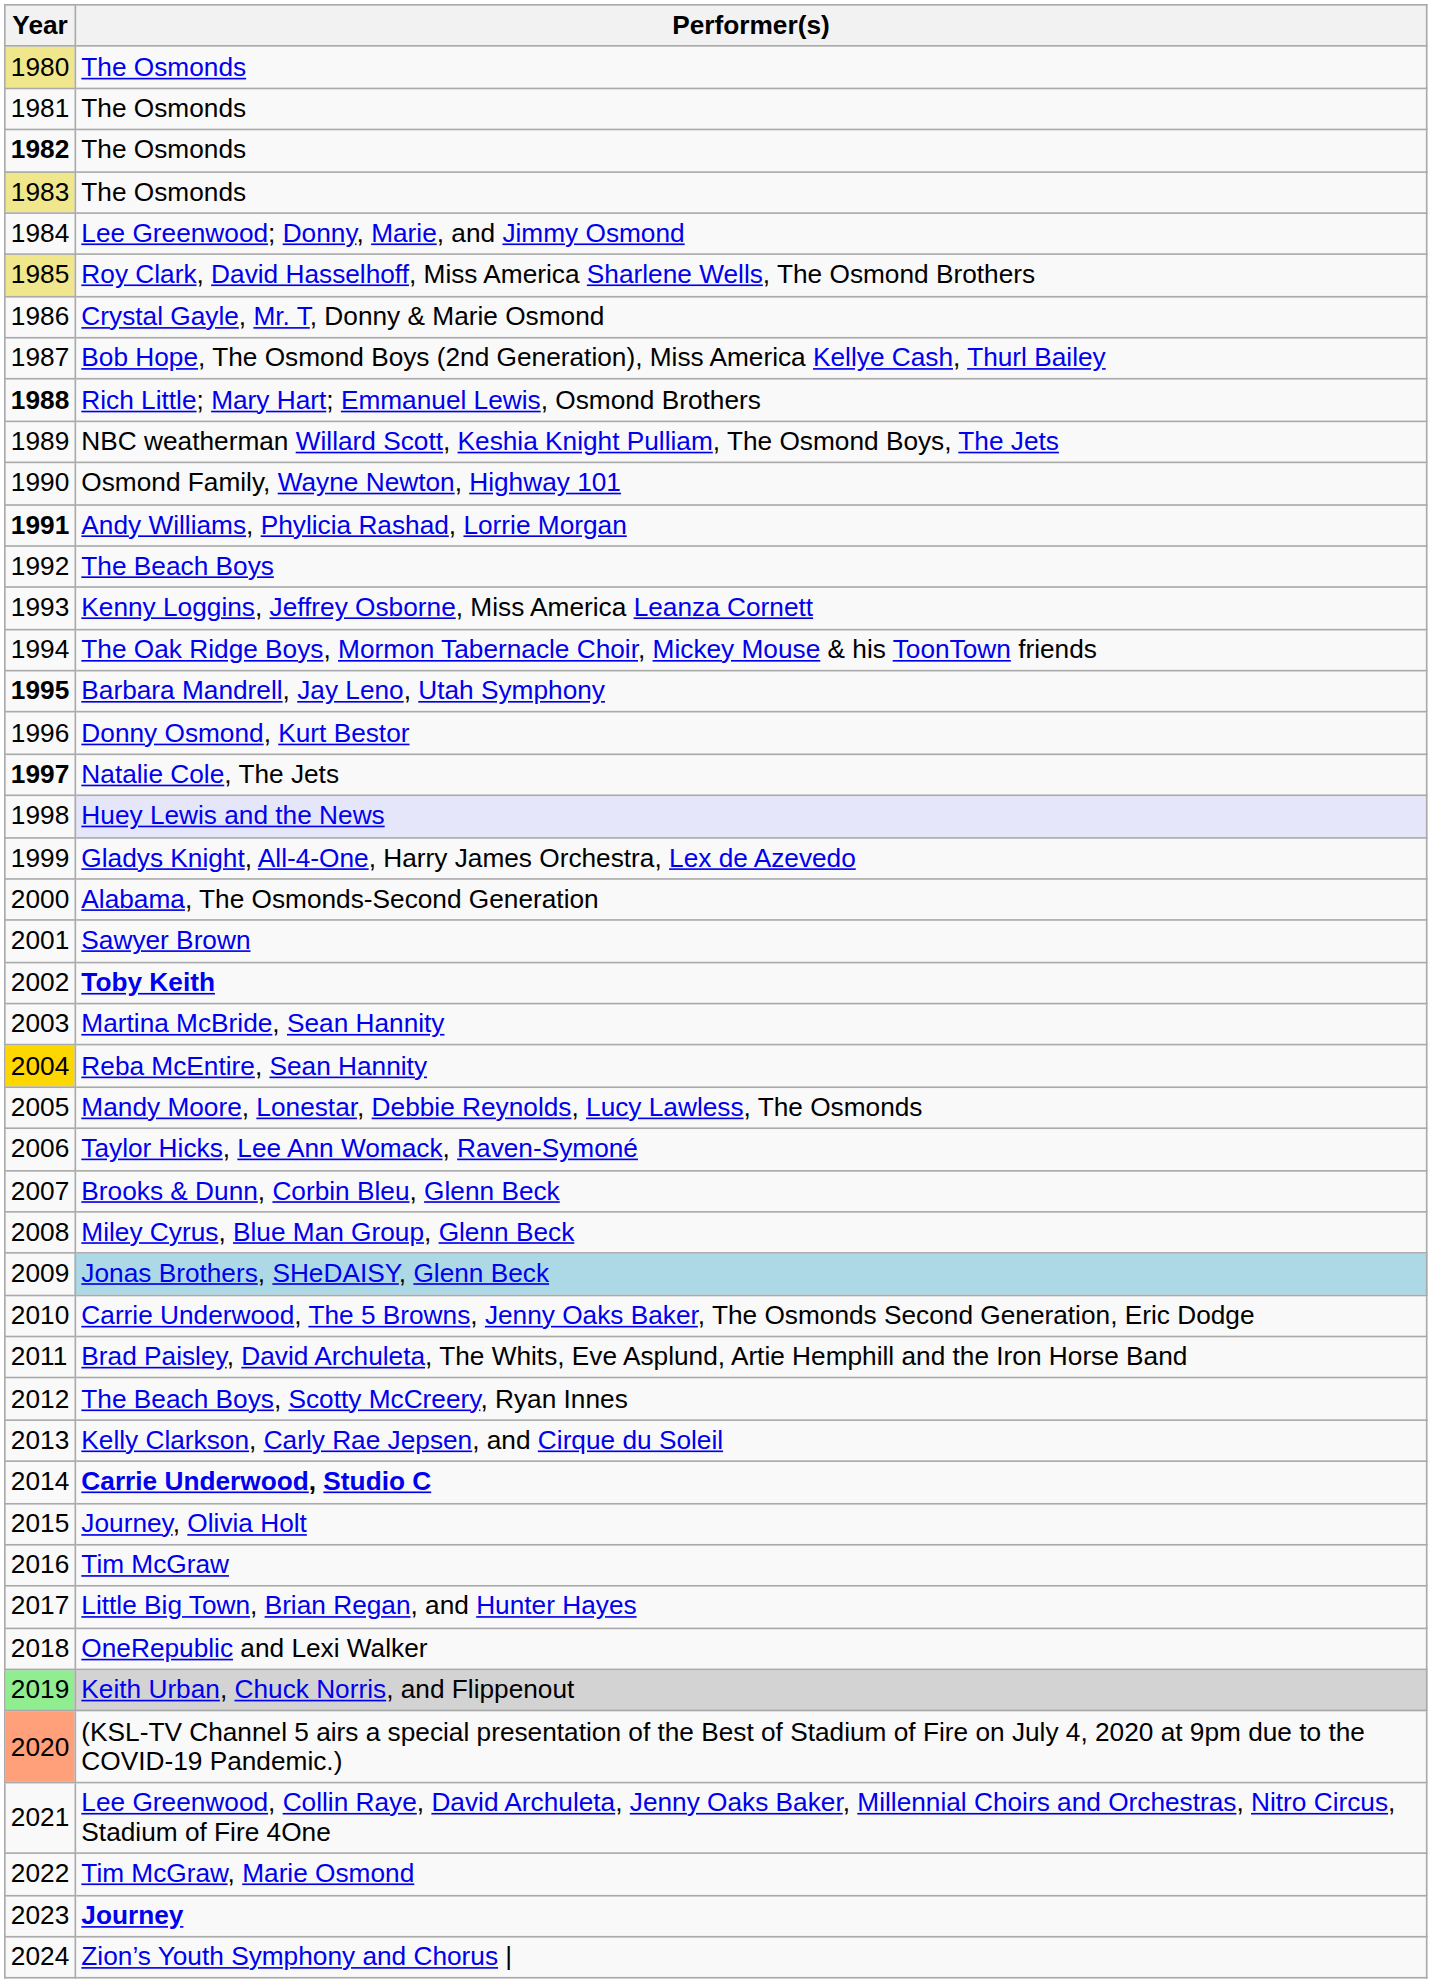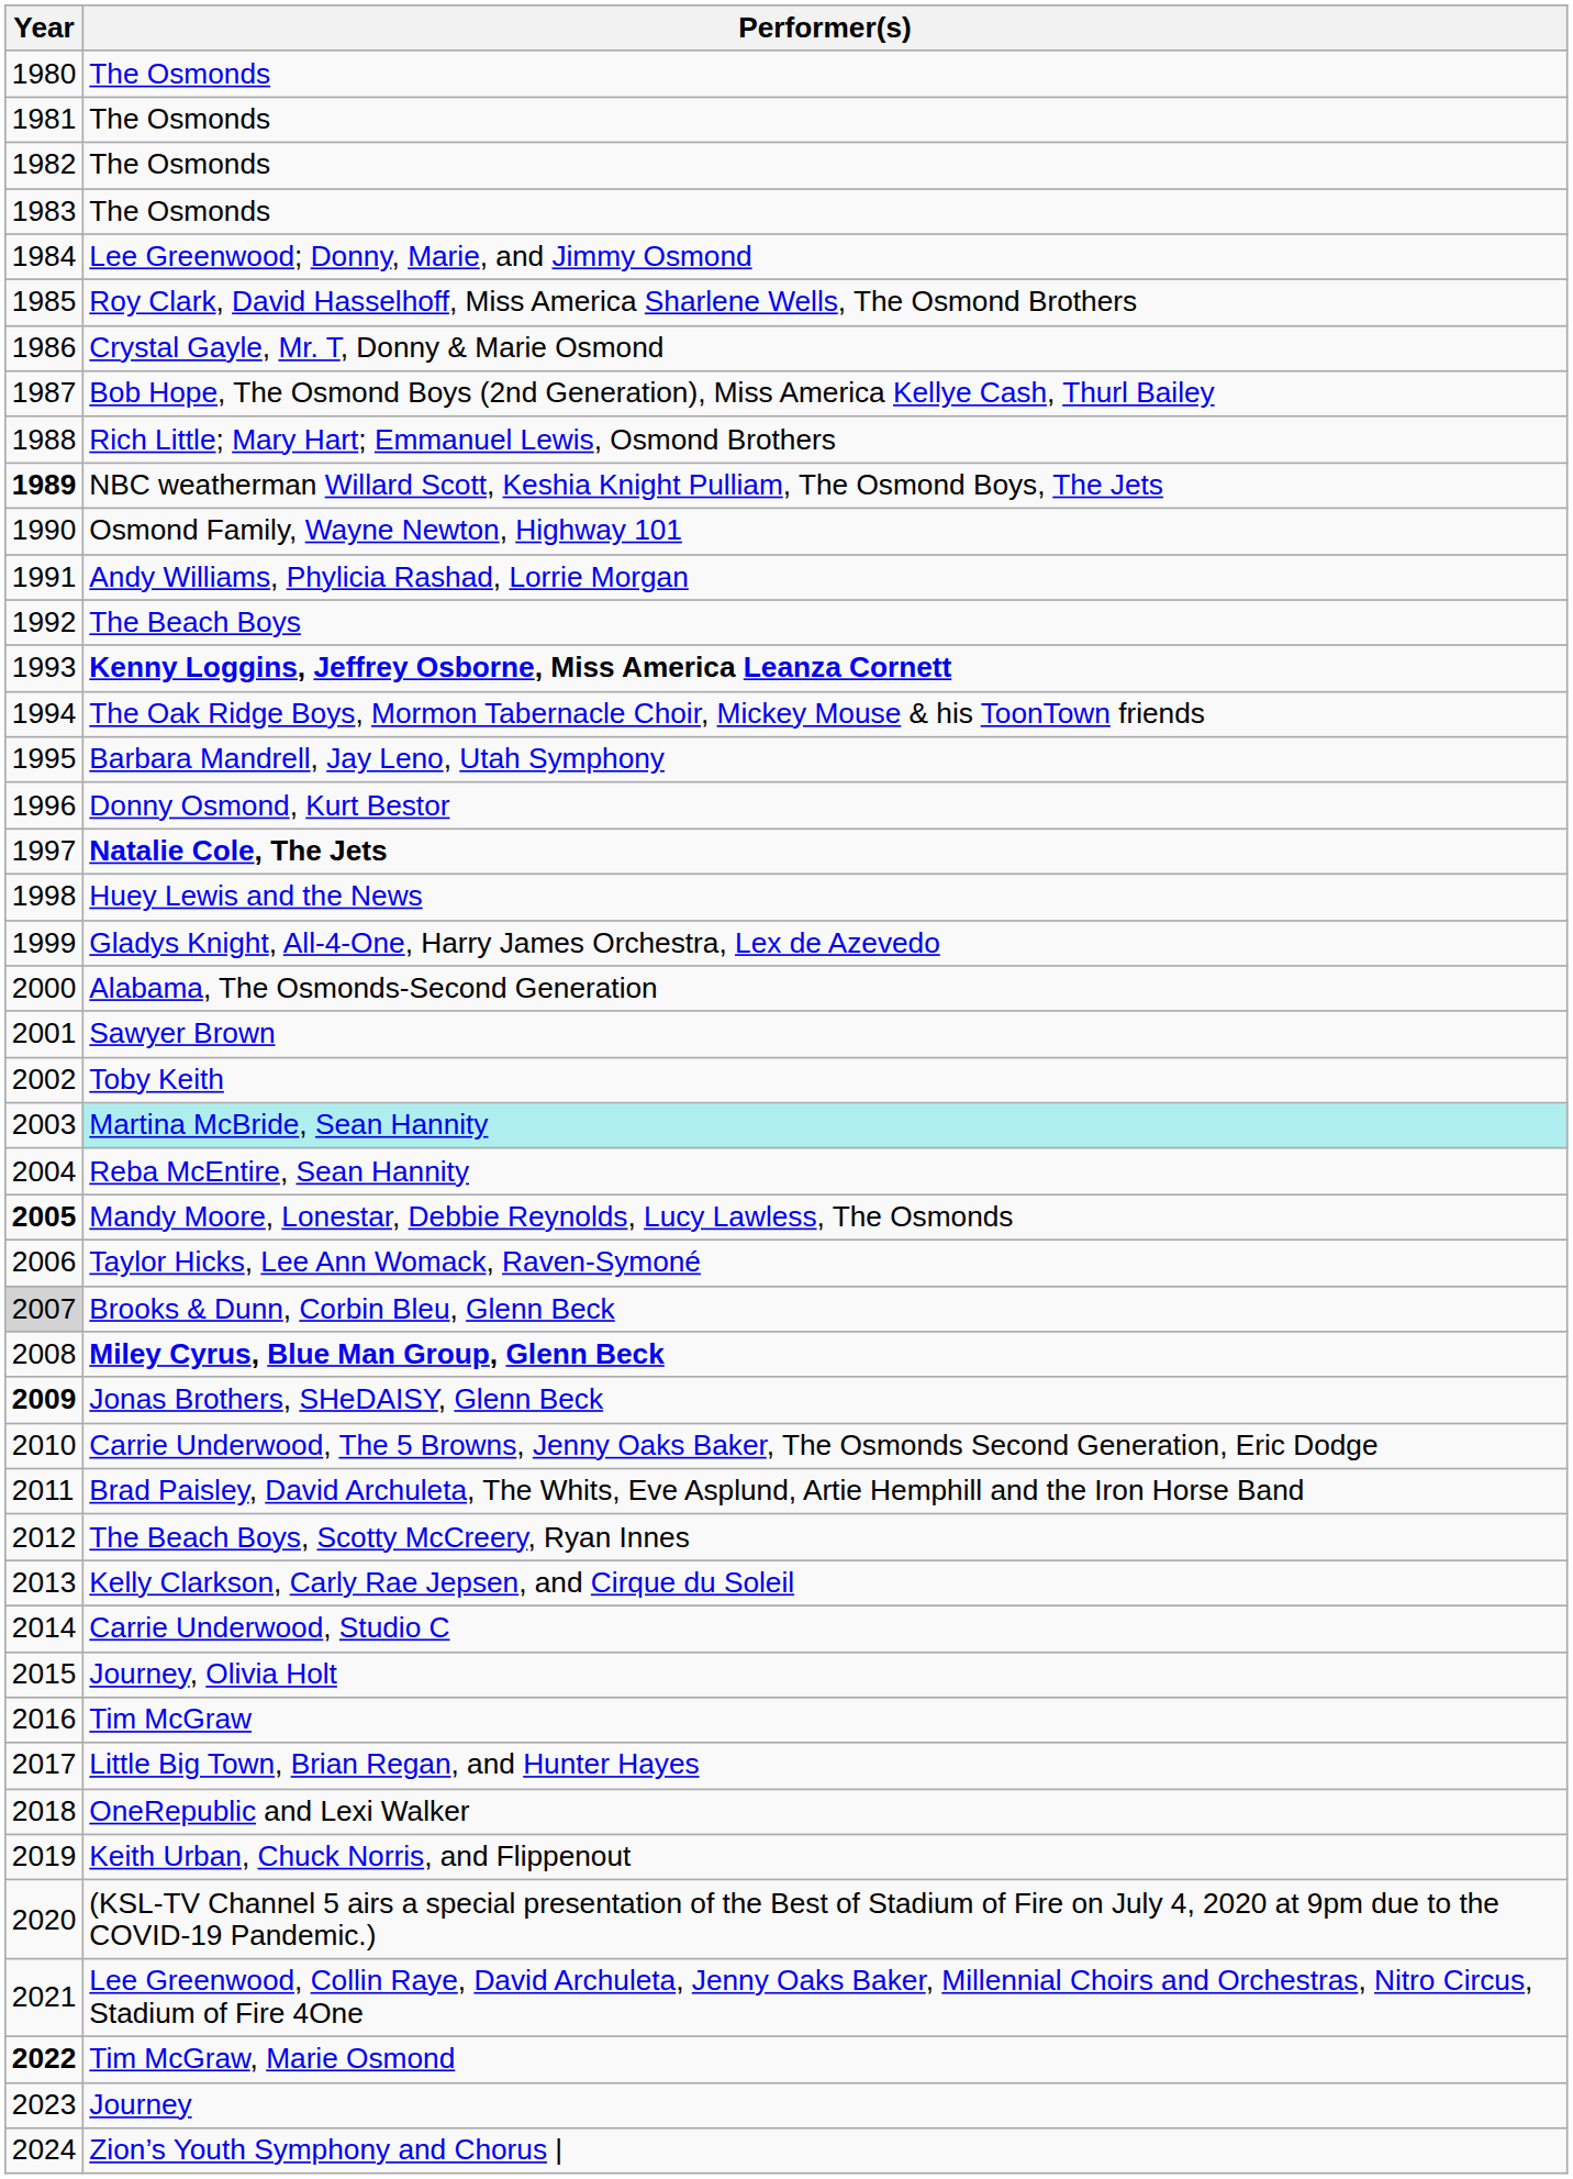 <table class="wikitable">
 <tr>
 <th>Year</th>
 <th>Performer(s)</th>
 </tr>
 <tr>
-<td style="background: khaki;">1980</td>
+<td>1980</td>
 <td><a href='#'>The Osmonds</a></td>
 </tr>
 <tr>
 <td>1981</td>
 <td>The Osmonds</td>
 </tr>
 <tr>
-<td><strong>1982</strong></td>
+<td>1982</td>
 <td>The Osmonds</td>
 </tr>
 <tr>
-<td style="background: khaki;">1983</td>
+<td>1983</td>
 <td>The Osmonds</td>
 </tr>
 <tr>
 <td>1984</td>
 <td><a href='#'>Lee Greenwood</a>; <a href='#'>Donny</a>, <a href='#'>Marie</a>, and <a href='#'>Jimmy Osmond</a></td>
 </tr>
 <tr>
-<td style="background: khaki;">1985</td>
+<td>1985</td>
 <td><a href='#'>Roy Clark</a>, <a href='#'>David Hasselhoff</a>, Miss America <a href='#'>Sharlene Wells</a>, The Osmond Brothers</td>
 </tr>
 <tr>
 <td>1986</td>
 <td><a href='#'>Crystal Gayle</a>, <a href='#'>Mr. T</a>, Donny & Marie Osmond</td>
 </tr>
 <tr>
 <td>1987</td>
 <td><a href='#'>Bob Hope</a>, The Osmond Boys (2nd Generation), Miss America <a href='#'>Kellye Cash</a>, <a href='#'>Thurl Bailey</a></td>
 </tr>
 <tr>
-<td><strong>1988</strong></td>
+<td>1988</td>
 <td><a href='#'>Rich Little</a>; <a href='#'>Mary Hart</a>; <a href='#'>Emmanuel Lewis</a>, Osmond Brothers</td>
 </tr>
 <tr>
-<td>1989</td>
+<td><strong>1989</strong></td>
 <td>NBC weatherman <a href='#'>Willard Scott</a>, <a href='#'>Keshia Knight Pulliam</a>, The Osmond Boys, <a href='#'>The Jets</a></td>
 </tr>
 <tr>
 <td>1990</td>
 <td>Osmond Family, <a href='#'>Wayne Newton</a>, <a href='#'>Highway 101</a></td>
 </tr>
 <tr>
-<td><strong>1991</strong></td>
+<td>1991</td>
 <td><a href='#'>Andy Williams</a>, <a href='#'>Phylicia Rashad</a>, <a href='#'>Lorrie Morgan</a></td>
 </tr>
 <tr>
 <td>1992</td>
 <td><a href='#'>The Beach Boys</a></td>
 </tr>
 <tr>
 <td>1993</td>
-<td><a href='#'>Kenny Loggins</a>, <a href='#'>Jeffrey Osborne</a>, Miss America <a href='#'>Leanza Cornett</a></td>
+<td><strong><a href='#'>Kenny Loggins</a>, <a href='#'>Jeffrey Osborne</a>, Miss America <a href='#'>Leanza Cornett</a></strong></td>
 </tr>
 <tr>
 <td>1994</td>
 <td><a href='#'>The Oak Ridge Boys</a>, <a href='#'>Mormon Tabernacle Choir</a>, <a href='#'>Mickey Mouse</a> & his <a href='#'>ToonTown</a> friends</td>
 </tr>
 <tr>
-<td><strong>1995</strong></td>
+<td>1995</td>
 <td><a href='#'>Barbara Mandrell</a>, <a href='#'>Jay Leno</a>, <a href='#'>Utah Symphony</a></td>
 </tr>
 <tr>
 <td>1996</td>
 <td><a href='#'>Donny Osmond</a>, <a href='#'>Kurt Bestor</a></td>
 </tr>
 <tr>
-<td><strong>1997</strong></td>
-<td><a href='#'>Natalie Cole</a>, The Jets</td>
+<td>1997</td>
+<td><strong><a href='#'>Natalie Cole</a>, The Jets</strong></td>
 </tr>
 <tr>
 <td>1998</td>
-<td style="background: lavender;"><a href='#'>Huey Lewis and the News</a></td>
+<td><a href='#'>Huey Lewis and the News</a></td>
 </tr>
 <tr>
 <td>1999</td>
 <td><a href='#'>Gladys Knight</a>, <a href='#'>All-4-One</a>, Harry James Orchestra, <a href='#'>Lex de Azevedo</a></td>
 </tr>
 <tr>
 <td>2000</td>
 <td><a href='#'>Alabama</a>, The Osmonds-Second Generation</td>
 </tr>
 <tr>
 <td>2001</td>
 <td><a href='#'>Sawyer Brown</a></td>
 </tr>
 <tr>
 <td>2002</td>
-<td><strong><a href='#'>Toby Keith</a></strong></td>
+<td><a href='#'>Toby Keith</a></td>
 </tr>
 <tr>
 <td>2003</td>
-<td><a href='#'>Martina McBride</a>, <a href='#'>Sean Hannity</a></td>
+<td style="background: paleturquoise;"><a href='#'>Martina McBride</a>, <a href='#'>Sean Hannity</a></td>
 </tr>
 <tr>
-<td style="background: gold;">2004</td>
+<td>2004</td>
 <td><a href='#'>Reba McEntire</a>, <a href='#'>Sean Hannity</a></td>
 </tr>
 <tr>
-<td>2005</td>
+<td><strong>2005</strong></td>
 <td><a href='#'>Mandy Moore</a>, <a href='#'>Lonestar</a>, <a href='#'>Debbie Reynolds</a>, <a href='#'>Lucy Lawless</a>, The Osmonds</td>
 </tr>
 <tr>
 <td>2006</td>
 <td><a href='#'>Taylor Hicks</a>, <a href='#'>Lee Ann Womack</a>, <a href='#'>Raven-Symoné</a></td>
 </tr>
 <tr>
-<td>2007</td>
+<td style="background: lightgrey;">2007</td>
 <td><a href='#'>Brooks & Dunn</a>, <a href='#'>Corbin Bleu</a>, <a href='#'>Glenn Beck</a></td>
 </tr>
 <tr>
 <td>2008</td>
-<td><a href='#'>Miley Cyrus</a>, <a href='#'>Blue Man Group</a>, <a href='#'>Glenn Beck</a></td>
+<td><strong><a href='#'>Miley Cyrus</a>, <a href='#'>Blue Man Group</a>, <a href='#'>Glenn Beck</a></strong></td>
 </tr>
 <tr>
-<td>2009</td>
-<td style="background: lightblue;"><a href='#'>Jonas Brothers</a>, <a href='#'>SHeDAISY</a>, <a href='#'>Glenn Beck</a></td>
+<td><strong>2009</strong></td>
+<td><a href='#'>Jonas Brothers</a>, <a href='#'>SHeDAISY</a>, <a href='#'>Glenn Beck</a></td>
 </tr>
 <tr>
 <td>2010</td>
 <td><a href='#'>Carrie Underwood</a>, <a href='#'>The 5 Browns</a>, <a href='#'>Jenny Oaks Baker</a>, The Osmonds Second Generation, Eric Dodge</td>
 </tr>
 <tr>
 <td>2011</td>
 <td><a href='#'>Brad Paisley</a>, <a href='#'>David Archuleta</a>, The Whits, Eve Asplund, Artie Hemphill and the Iron Horse Band</td>
 </tr>
 <tr>
 <td>2012</td>
 <td><a href='#'>The Beach Boys</a>, <a href='#'>Scotty McCreery</a>, Ryan Innes</td>
 </tr>
 <tr>
 <td>2013</td>
 <td><a href='#'>Kelly Clarkson</a>, <a href='#'>Carly Rae Jepsen</a>, and <a href='#'>Cirque du Soleil</a></td>
 </tr>
 <tr>
 <td>2014</td>
-<td><strong><a href='#'>Carrie Underwood</a>, <a href='#'>Studio C</a></strong></td>
+<td><a href='#'>Carrie Underwood</a>, <a href='#'>Studio C</a></td>
 </tr>
 <tr>
 <td>2015</td>
 <td><a href='#'>Journey</a>, <a href='#'>Olivia Holt</a></td>
 </tr>
 <tr>
 <td>2016</td>
 <td><a href='#'>Tim McGraw</a></td>
 </tr>
 <tr>
 <td>2017</td>
 <td><a href='#'>Little Big Town</a>, <a href='#'>Brian Regan</a>, and <a href='#'>Hunter Hayes</a></td>
 </tr>
 <tr>
 <td>2018</td>
 <td><a href='#'>OneRepublic</a> and Lexi Walker</td>
 </tr>
 <tr>
-<td style="background: lightgreen;">2019</td>
-<td style="background: lightgrey;"><a href='#'>Keith Urban</a>, <a href='#'>Chuck Norris</a>, and Flippenout</td>
+<td>2019</td>
+<td><a href='#'>Keith Urban</a>, <a href='#'>Chuck Norris</a>, and Flippenout</td>
 </tr>
 <tr>
-<td style="background: lightsalmon;">2020</td>
+<td>2020</td>
 <td>(KSL-TV Channel 5 airs a special presentation of the Best of Stadium of Fire on July 4, 2020 at 9pm due to the COVID-19 Pandemic.)</td>
 </tr>
 <tr>
 <td>2021</td>
 <td><a href='#'>Lee Greenwood</a>, <a href='#'>Collin Raye</a>, <a href='#'>David Archuleta</a>, <a href='#'>Jenny Oaks Baker</a>, <a href='#'>Millennial Choirs and Orchestras</a>, <a href='#'>Nitro Circus</a>, Stadium of Fire 4One </td>
 </tr>
 <tr>
-<td>2022</td>
+<td><strong>2022</strong></td>
 <td><a href='#'>Tim McGraw</a>, <a href='#'>Marie Osmond</a></td>
 </tr>
 <tr>
 <td>2023</td>
-<td><strong><a href='#'>Journey</a></strong></td>
+<td><a href='#'>Journey</a></td>
 </tr>
 <tr>
 <td>2024</td>
 <td><a href='#'>Zion’s Youth Symphony and Chorus</a> |</td>
 </tr>
 </table>
